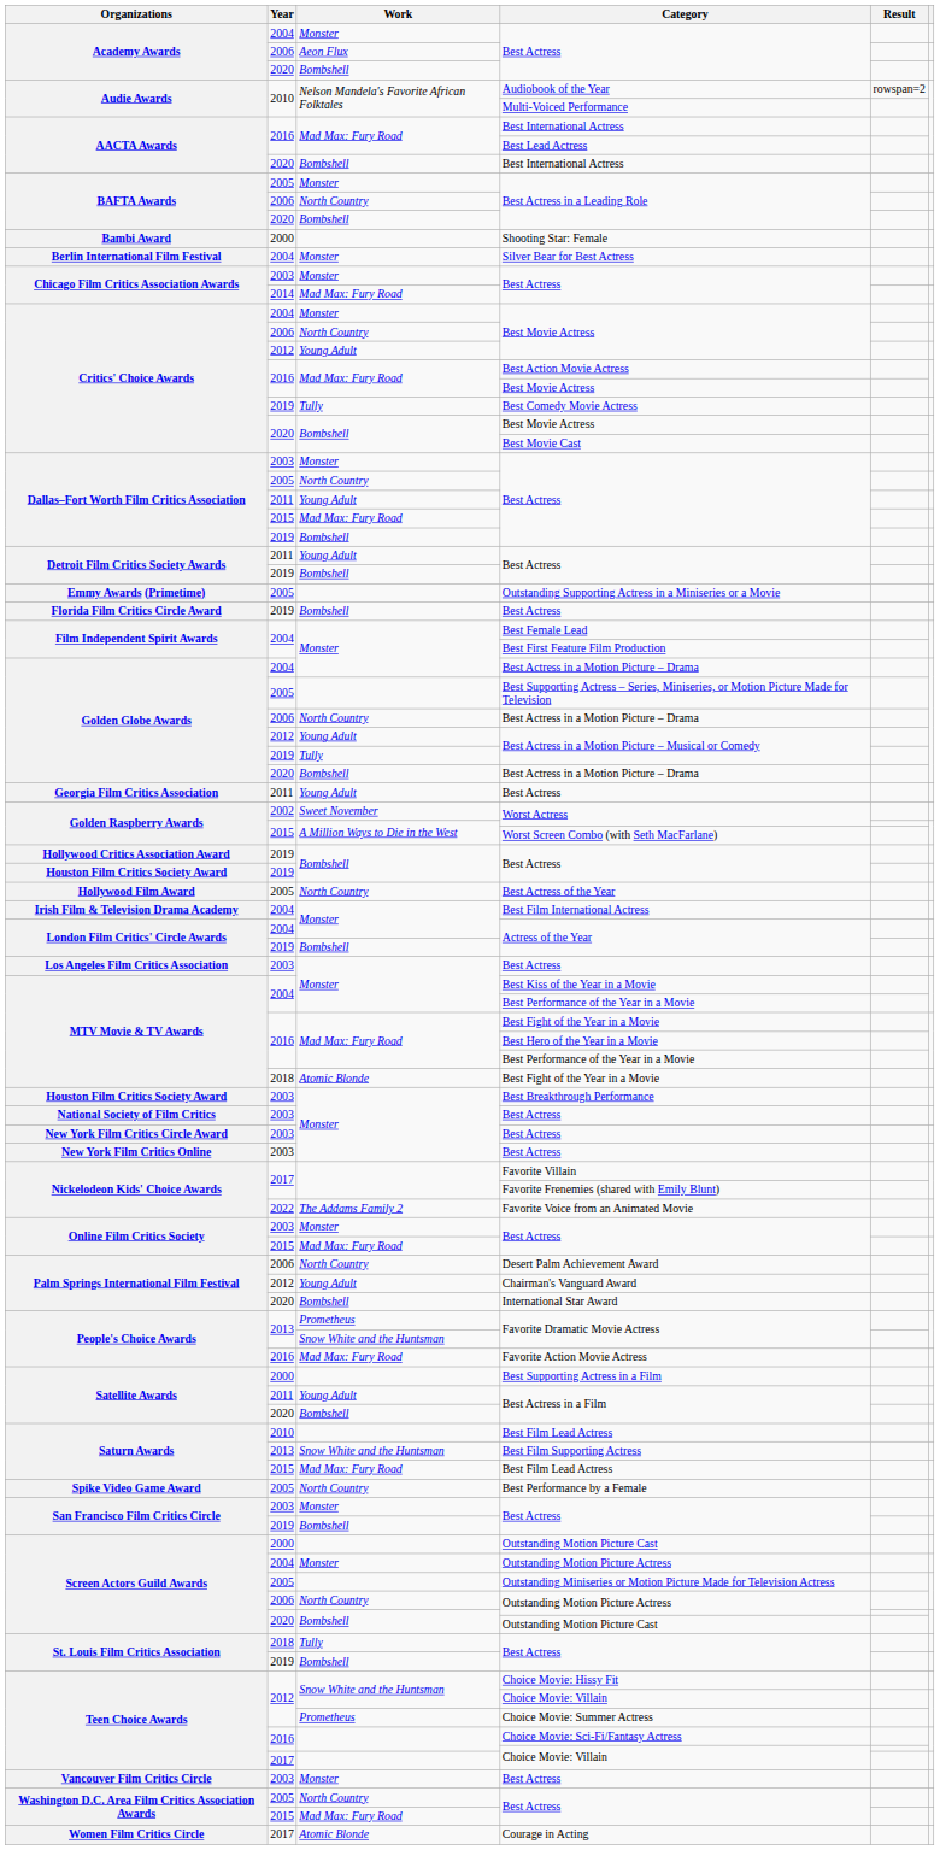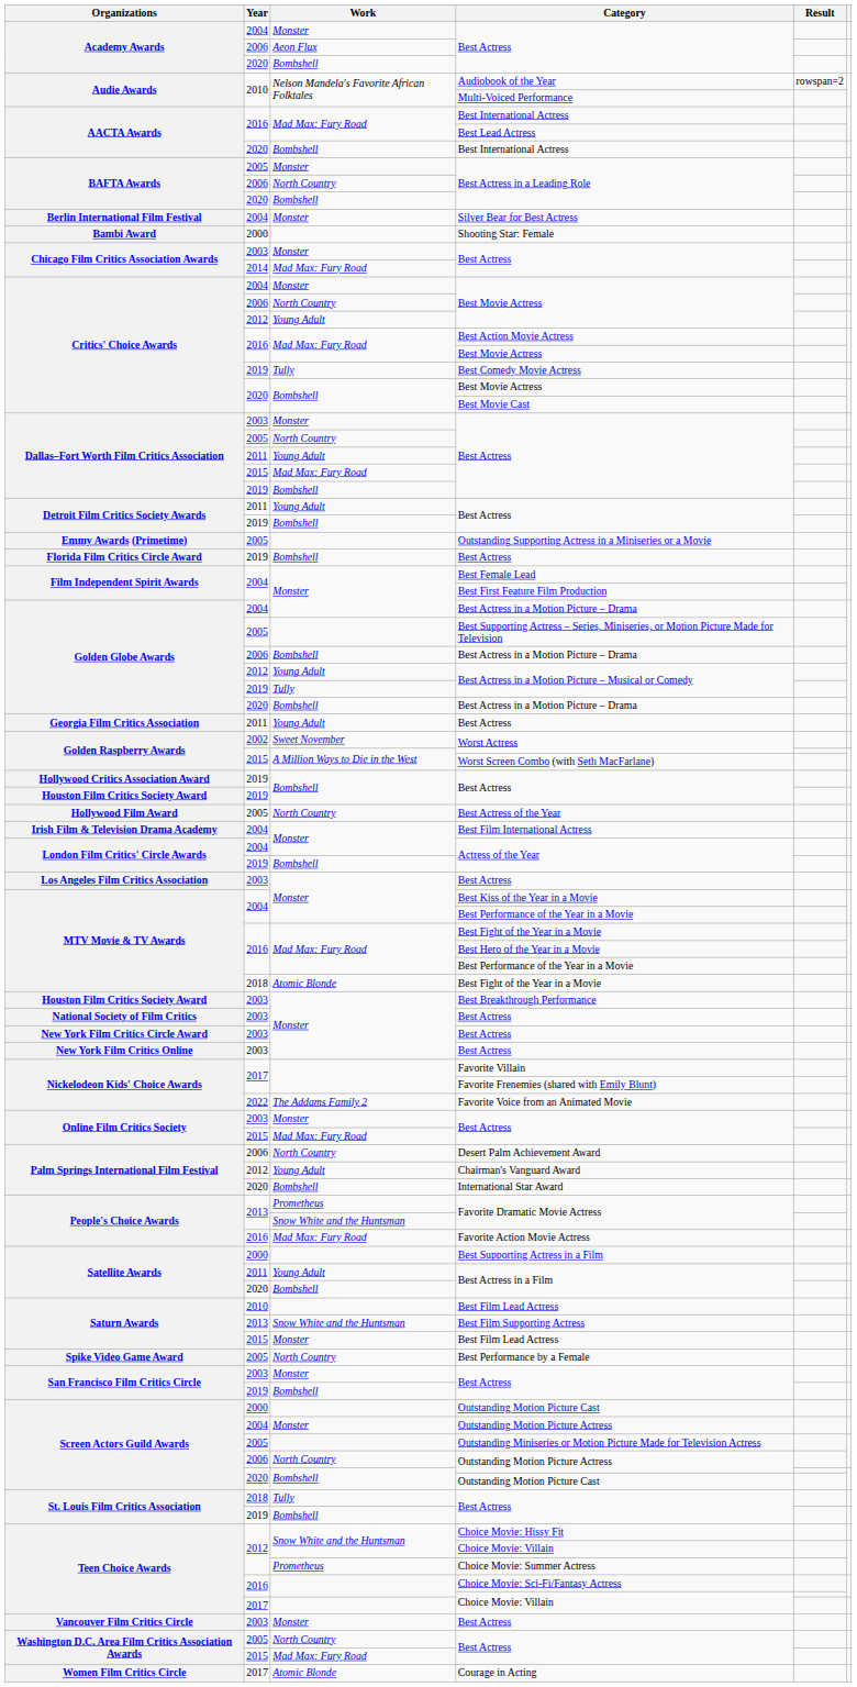 <table class="wikitable sortable plainrowheaders" style="width: 100%;">
 <tr>
 <th scope="col">Organizations</th>
 <th scope="col">Year</th>
 <th scope="col">Work</th>
 <th scope="col">Category</th>
 <th scope="col">Result</th>
 <th scope="col" class="unsortable"></th>
 </tr>
 <tr>
 <th rowspan="3" scope="row"><a href='#'>Academy Awards</a> </th>
 <td><a href='#'>2004</a></td>
 <td><em><a href='#'>Monster</a></em></td>
 <td rowspan="3"><a href='#'>Best Actress</a></td>
 <td></td>
 <td style="text-align:center;"></td>
 </tr>
 <tr>
 <td><a href='#'>2006</a></td>
 <td><em><a href='#'>Aeon Flux</a></em></td>
 <td></td>
 <td style="text-align:center;"></td>
 </tr>
 <tr>
 <td><a href='#'>2020</a></td>
 <td><em><a href='#'>Bombshell</a></em></td>
 <td></td>
 <td style="text-align:center;"></td>
 </tr>
 <tr>
 <th scope="row" rowspan="2"><a href='#'>Audie Awards</a></th>
 <td rowspan=2>2010</td>
 <td rowspan=2><em>Nelson Mandela's Favorite African Folktales</em></td>
 <td><a href='#'>Audiobook of the Year</a></td>
 <td>rowspan=2 </td>
 <td style="text-align:center;" rowspan=2><br></td>
 </tr>
 <tr>
 <td><a href='#'>Multi-Voiced Performance</a></td>
 </tr>
 <tr>
 <th rowspan="3" scope="row"><a href='#'>AACTA Awards</a></th>
 <td rowspan="2"><a href='#'>2016</a></td>
 <td rowspan="2"><em><a href='#'>Mad Max: Fury Road</a></em></td>
 <td><a href='#'>Best International Actress</a></td>
 <td></td>
 <td rowspan="2" style="text-align:center;"><br></td>
 </tr>
 <tr>
 <td><a href='#'>Best Lead Actress</a></td>
 <td></td>
 </tr>
 <tr>
 <td><a href='#'>2020</a></td>
 <td><em><a href='#'>Bombshell</a></em></td>
 <td>Best International Actress</td>
 <td></td>
 <td style="text-align:center;"></td>
 </tr>
 <tr>
 <th rowspan="3" scope="row"><a href='#'>BAFTA Awards</a> </th>
 <td><a href='#'>2005</a></td>
 <td><em><a href='#'>Monster</a></em></td>
 <td rowspan="3"><a href='#'>Best Actress in a Leading Role</a></td>
 <td></td>
 <td style="text-align:center;"></td>
 </tr>
 <tr>
 <td><a href='#'>2006</a></td>
 <td><em><a href='#'>North Country</a></em></td>
 <td></td>
 <td style="text-align:center;"></td>
 </tr>
 <tr>
 <td><a href='#'>2020</a></td>
 <td><em><a href='#'>Bombshell</a></em></td>
 <td></td>
 <td style="text-align:center;"></td>
 </tr>
 <tr>
+<th scope="row"><a href='#'>Berlin International Film Festival</a></th>
+<td><a href='#'>2004</a></td>
+<td><em><a href='#'>Monster</a></em></td>
+<td><a href='#'>Silver Bear for Best Actress</a></td>
+<td></td>
+<td style="text-align:center;"></td>
+</tr>
+<tr>
 <th scope="row"><a href='#'>Bambi Award</a></th>
 <td>2000</td>
 <td><em></em></td>
 <td>Shooting Star: Female</td>
-<td></td>
-<td style="text-align:center;"></td>
-</tr>
-<tr>
-<th scope="row"><a href='#'>Berlin International Film Festival</a></th>
-<td><a href='#'>2004</a></td>
-<td><em><a href='#'>Monster</a></em></td>
-<td><a href='#'>Silver Bear for Best Actress</a></td>
 <td></td>
 <td style="text-align:center;"></td>
 </tr>
 <tr>
 <th rowspan="2" scope="row"><a href='#'>Chicago Film Critics Association Awards</a> </th>
 <td><a href='#'>2003</a></td>
 <td><em><a href='#'>Monster</a></em></td>
 <td rowspan="2"><a href='#'>Best Actress</a></td>
 <td></td>
 <td style="text-align:center;"></td>
 </tr>
 <tr>
 <td><a href='#'>2014</a></td>
 <td><em><a href='#'>Mad Max: Fury Road</a></em></td>
 <td></td>
 <td style="text-align:center;"></td>
 </tr>
 <tr>
 <th rowspan="8" scope="row"><a href='#'>Critics' Choice Awards</a></th>
 <td><a href='#'>2004</a></td>
 <td><em><a href='#'>Monster</a></em></td>
 <td rowspan="3"><a href='#'>Best Movie Actress</a></td>
 <td></td>
 <td style="text-align:center;"></td>
 </tr>
 <tr>
 <td><a href='#'>2006</a></td>
 <td><em><a href='#'>North Country</a></em></td>
 <td></td>
 <td style="text-align:center;"></td>
 </tr>
 <tr>
 <td><a href='#'>2012</a></td>
 <td><em><a href='#'>Young Adult</a></em></td>
 <td></td>
 <td style="text-align:center;"></td>
 </tr>
 <tr>
 <td rowspan="2"><a href='#'>2016</a></td>
 <td rowspan="2"><em><a href='#'>Mad Max: Fury Road</a></em></td>
 <td><a href='#'>Best Action Movie Actress</a></td>
 <td></td>
 <td style="text-align:center;" rowspan=2></td>
 </tr>
 <tr>
 <td rowspan=1><a href='#'>Best Movie Actress</a></td>
 <td></td>
 </tr>
 <tr>
 <td><a href='#'>2019</a></td>
 <td><em><a href='#'>Tully</a></em></td>
 <td><a href='#'>Best Comedy Movie Actress</a></td>
 <td></td>
 <td style="text-align:center;"></td>
 </tr>
 <tr>
 <td rowspan="2"><a href='#'>2020</a></td>
 <td rowspan="2"><em><a href='#'>Bombshell</a></em></td>
 <td>Best Movie Actress</td>
 <td></td>
 <td rowspan="2" style="text-align:center;"></td>
 </tr>
 <tr>
 <td><a href='#'>Best Movie Cast</a></td>
 <td></td>
 </tr>
 <tr>
 <th rowspan="5" scope="row"><a href='#'>Dallas–Fort Worth Film Critics Association</a> </th>
 <td><a href='#'>2003</a></td>
 <td><em><a href='#'>Monster</a></em></td>
 <td rowspan="5"><a href='#'>Best Actress</a></td>
 <td></td>
 <td style="text-align:center;"></td>
 </tr>
 <tr>
 <td><a href='#'>2005</a></td>
 <td><em><a href='#'>North Country</a></em></td>
 <td></td>
 <td style="text-align:center;"></td>
 </tr>
 <tr>
 <td><a href='#'>2011</a></td>
 <td><em><a href='#'>Young Adult</a></em></td>
 <td></td>
 <td style="text-align:center;"></td>
 </tr>
 <tr>
 <td><a href='#'>2015</a></td>
 <td><em><a href='#'>Mad Max: Fury Road</a></em></td>
 <td></td>
 <td style="text-align:center;"></td>
 </tr>
 <tr>
 <td><a href='#'>2019</a></td>
 <td><em><a href='#'>Bombshell</a></em></td>
 <td></td>
 <td style="text-align:center;"></td>
 </tr>
 <tr>
 <th rowspan="2" scope="row"><a href='#'>Detroit Film Critics Society Awards</a></th>
 <td>2011</td>
 <td><em><a href='#'>Young Adult</a></em></td>
 <td rowspan="2">Best Actress</td>
 <td></td>
 <td style="text-align:center;"></td>
 </tr>
 <tr>
 <td>2019</td>
 <td><em><a href='#'>Bombshell</a></em></td>
 <td></td>
 <td style="text-align:center;"></td>
 </tr>
 <tr>
 <th scope="row"><a href='#'>Emmy Awards</a> <a href='#'>(Primetime)</a></th>
 <td><a href='#'>2005</a></td>
 <td><em></em></td>
 <td><a href='#'>Outstanding Supporting Actress in a Miniseries or a Movie</a></td>
 <td></td>
 <td style="text-align:center;"></td>
 </tr>
 <tr>
 <th scope="row"><a href='#'>Florida Film Critics Circle Award</a> </th>
 <td>2019</td>
 <td><em><a href='#'>Bombshell</a></em></td>
 <td><a href='#'>Best Actress</a></td>
 <td></td>
 <td style="text-align:center;"></td>
 </tr>
 <tr>
 <th rowspan="2" scope="row"><a href='#'>Film Independent Spirit Awards</a></th>
 <td rowspan="2"><a href='#'>2004</a></td>
 <td rowspan="3"><em><a href='#'>Monster</a></em></td>
 <td><a href='#'>Best Female Lead</a></td>
 <td></td>
 <td rowspan="2" style="text-align:center;"></td>
 </tr>
 <tr>
 <td><a href='#'>Best First Feature Film Production</a></td>
 <td></td>
 </tr>
 <tr>
 <th rowspan="6" scope="row"><a href='#'>Golden Globe Awards</a> </th>
 <td><a href='#'>2004</a></td>
 <td><a href='#'>Best Actress in a Motion Picture – Drama</a></td>
 <td></td>
 <td rowspan="6" style="text-align:center;"></td>
 </tr>
 <tr>
 <td><a href='#'>2005</a></td>
 <td><em></em></td>
 <td><a href='#'>Best Supporting Actress – Series, Miniseries, or Motion Picture Made for Television</a></td>
 <td></td>
 </tr>
 <tr>
 <td><a href='#'>2006</a></td>
-<td><em><a href='#'>North Country</a></em></td>
+<td><em><a href='#'>Bombshell</a></em></td>
 <td>Best Actress in a Motion Picture – Drama</td>
 <td></td>
 </tr>
 <tr>
 <td><a href='#'>2012</a></td>
 <td><em><a href='#'>Young Adult</a></em></td>
 <td rowspan="2"><a href='#'>Best Actress in a Motion Picture – Musical or Comedy</a></td>
 <td></td>
 </tr>
 <tr>
 <td><a href='#'>2019</a></td>
 <td><em><a href='#'>Tully</a></em></td>
 <td></td>
 </tr>
 <tr>
 <td><a href='#'>2020</a></td>
 <td><em><a href='#'>Bombshell</a></em></td>
 <td>Best Actress in a Motion Picture – Drama</td>
 <td></td>
 </tr>
 <tr>
 <th scope="row"><a href='#'>Georgia Film Critics Association</a></th>
 <td>2011</td>
 <td><em><a href='#'>Young Adult</a></em></td>
 <td>Best Actress</td>
 <td></td>
 <td style="text-align:center;"></td>
 </tr>
 <tr>
 <th rowspan="3" scope="row"><a href='#'>Golden Raspberry Awards</a></th>
 <td><a href='#'>2002</a></td>
 <td><em><a href='#'>Sweet November</a></em></td>
 <td rowspan="2"><a href='#'>Worst Actress</a></td>
 <td></td>
 <td style="text-align:center;"></td>
 </tr>
 <tr>
 <td rowspan="2"><a href='#'>2015</a></td>
 <td rowspan="2"><em><a href='#'>A Million Ways to Die in the West</a></em></td>
 <td></td>
 <td rowspan="2" style="text-align:center;"></td>
 </tr>
 <tr>
 <td><a href='#'>Worst Screen Combo</a> (with <a href='#'>Seth MacFarlane</a>)</td>
 <td></td>
 </tr>
 <tr>
 <th scope="row"><a href='#'>Hollywood Critics Association Award</a> </th>
 <td>2019</td>
 <td rowspan="2"><em><a href='#'>Bombshell</a></em></td>
 <td rowspan="2">Best Actress</td>
 <td></td>
 <td style="text-align:center;"></td>
 </tr>
 <tr>
 <th scope="row"><a href='#'>Houston Film Critics Society Award</a></th>
 <td><a href='#'>2019</a></td>
 <td></td>
 <td style="text-align:center;"></td>
 </tr>
 <tr>
 <th scope="row"><a href='#'>Hollywood Film Award</a></th>
 <td>2005</td>
 <td><em><a href='#'>North Country</a></em></td>
 <td><a href='#'>Best Actress of the Year</a></td>
 <td></td>
 <td style="text-align:center;"></td>
 </tr>
 <tr>
 <th scope="row"><a href='#'>Irish Film & Television Drama Academy</a></th>
 <td><a href='#'>2004</a></td>
 <td rowspan="2"><em><a href='#'>Monster</a></em></td>
 <td><a href='#'>Best Film International Actress</a></td>
 <td></td>
 <td style="text-align:center;"></td>
 </tr>
 <tr>
 <th rowspan="2" scope="row"><a href='#'>London Film Critics' Circle Awards</a> </th>
 <td><a href='#'>2004</a></td>
 <td rowspan="2"><a href='#'>Actress of the Year</a></td>
 <td></td>
 <td style="text-align:center;"></td>
 </tr>
 <tr>
 <td><a href='#'>2019</a></td>
 <td><em><a href='#'>Bombshell</a></em></td>
 <td></td>
 <td style="text-align:center;"></td>
 </tr>
 <tr>
 <th scope="row"><a href='#'>Los Angeles Film Critics Association</a></th>
 <td><a href='#'>2003</a></td>
 <td rowspan="3"><em><a href='#'>Monster</a></em></td>
 <td><a href='#'>Best Actress</a></td>
 <td></td>
 <td style="text-align:center;"></td>
 </tr>
 <tr>
 <th rowspan="6" scope="row"><a href='#'>MTV Movie & TV Awards</a> </th>
 <td rowspan="2"><a href='#'>2004</a></td>
 <td><a href='#'>Best Kiss of the Year in a Movie</a></td>
 <td></td>
 <td rowspan="2" style="text-align:center;"></td>
 </tr>
 <tr>
 <td><a href='#'>Best Performance of the Year in a Movie</a></td>
 <td></td>
 </tr>
 <tr>
 <td rowspan="3"><a href='#'>2016</a></td>
 <td rowspan="3"><em><a href='#'>Mad Max: Fury Road</a></em></td>
 <td><a href='#'>Best Fight of the Year in a Movie</a></td>
 <td></td>
 <td rowspan="3" style="text-align:center;"></td>
 </tr>
 <tr>
 <td><a href='#'>Best Hero of the Year in a Movie</a></td>
 <td></td>
 </tr>
 <tr>
 <td>Best Performance of the Year in a Movie</td>
 <td></td>
 </tr>
 <tr>
 <td>2018</td>
 <td><em><a href='#'>Atomic Blonde</a></em></td>
 <td>Best Fight of the Year in a Movie</td>
 <td></td>
 <td style="text-align:center;"></td>
 </tr>
 <tr>
 <th scope="row"><a href='#'>Houston Film Critics Society Award</a></th>
 <td><a href='#'>2003</a></td>
 <td rowspan="4"><em><a href='#'>Monster</a></em></td>
 <td><a href='#'>Best Breakthrough Performance</a></td>
 <td></td>
 <td style="text-align:center;"></td>
 </tr>
 <tr>
 <th scope="row"><a href='#'>National Society of Film Critics</a></th>
 <td><a href='#'>2003</a></td>
 <td><a href='#'>Best Actress</a></td>
 <td></td>
 <td style="text-align:center;"></td>
 </tr>
 <tr>
 <th scope="row"><a href='#'>New York Film Critics Circle Award</a></th>
 <td><a href='#'>2003</a></td>
 <td><a href='#'>Best Actress</a></td>
 <td></td>
 <td style="text-align:center;"></td>
 </tr>
 <tr>
 <th scope="row"><a href='#'>New York Film Critics Online</a></th>
 <td>2003</td>
 <td><a href='#'>Best Actress</a></td>
 <td></td>
 <td style="text-align:center;"></td>
 </tr>
 <tr>
 <th rowspan="3" scope="row"><a href='#'>Nickelodeon Kids' Choice Awards</a></th>
 <td rowspan="2"><a href='#'>2017</a></td>
 <td rowspan="2"><em></em></td>
 <td>Favorite Villain</td>
 <td></td>
 <td style="text-align:center;" rowspan="2"></td>
 </tr>
 <tr>
 <td>Favorite Frenemies (shared with <a href='#'>Emily Blunt</a>)</td>
 <td></td>
 </tr>
 <tr>
 <td><a href='#'>2022</a></td>
 <td><em><a href='#'>The Addams Family 2</a></em></td>
 <td>Favorite Voice from an Animated Movie</td>
 <td></td>
 <td style="text-align:center;"></td>
 </tr>
 <tr>
 <th rowspan="2" scope="row"><a href='#'>Online Film Critics Society</a> </th>
 <td><a href='#'>2003</a></td>
 <td><em><a href='#'>Monster</a></em></td>
 <td rowspan="2"><a href='#'>Best Actress</a></td>
 <td></td>
 <td style="text-align:center;"></td>
 </tr>
 <tr>
 <td><a href='#'>2015</a></td>
 <td><em><a href='#'>Mad Max: Fury Road</a></em></td>
 <td></td>
 <td style="text-align:center;"></td>
 </tr>
 <tr>
 <th rowspan="3" scope="row"><a href='#'>Palm Springs International Film Festival</a> </th>
 <td>2006</td>
 <td><em><a href='#'>North Country</a></em></td>
 <td>Desert Palm Achievement Award</td>
 <td></td>
 <td rowspan="2" style="text-align:center;"></td>
 </tr>
 <tr>
 <td>2012</td>
 <td><em><a href='#'>Young Adult</a></em></td>
 <td>Chairman's Vanguard Award</td>
 <td></td>
 </tr>
 <tr>
 <td>2020</td>
 <td><em><a href='#'>Bombshell</a></em></td>
 <td>International Star Award</td>
 <td></td>
 <td style="text-align:center;"></td>
 </tr>
 <tr>
 <th rowspan="3" scope="row"><a href='#'>People's Choice Awards</a></th>
 <td rowspan="2"><a href='#'>2013</a></td>
 <td><em><a href='#'>Prometheus</a></em></td>
 <td rowspan="2">Favorite Dramatic Movie Actress</td>
 <td></td>
 <td rowspan="2" style="text-align:center;"></td>
 </tr>
 <tr>
 <td><em><a href='#'>Snow White and the Huntsman</a></em></td>
 <td></td>
 </tr>
 <tr>
 <td><a href='#'>2016</a></td>
 <td><em><a href='#'>Mad Max: Fury Road</a></em></td>
 <td>Favorite Action Movie Actress</td>
 <td></td>
 <td style="text-align:center;"></td>
 </tr>
 <tr>
 <th rowspan="3" scope="row"><a href='#'>Satellite Awards</a> </th>
 <td><a href='#'>2000</a></td>
 <td><em></em></td>
 <td><a href='#'>Best Supporting Actress in a Film</a></td>
 <td></td>
 <td style="text-align:center;"></td>
 </tr>
 <tr>
 <td><a href='#'>2011</a></td>
 <td><em><a href='#'>Young Adult</a></em></td>
 <td rowspan=2>Best Actress in a Film</td>
 <td></td>
 <td style="text-align:center;"></td>
 </tr>
 <tr>
 <td>2020</td>
 <td><em><a href='#'>Bombshell</a></em></td>
 <td></td>
 <td style="text-align:center;"></td>
 </tr>
 <tr>
 <th rowspan="3" scope="row"><a href='#'>Saturn Awards</a></th>
 <td><a href='#'>2010</a></td>
 <td><em></em></td>
 <td><a href='#'>Best Film Lead Actress</a></td>
 <td></td>
 <td style="text-align:center;"></td>
 </tr>
 <tr>
 <td><a href='#'>2013</a></td>
 <td><em><a href='#'>Snow White and the Huntsman</a></em></td>
 <td><a href='#'>Best Film Supporting Actress</a></td>
 <td></td>
 <td style="text-align:center;"></td>
 </tr>
 <tr>
 <td><a href='#'>2015</a></td>
-<td><em><a href='#'>Mad Max: Fury Road</a></em></td>
+<td><em><a href='#'>Monster</a></em></td>
 <td>Best Film Lead Actress</td>
 <td></td>
 <td style="text-align:center;"></td>
 </tr>
 <tr>
 <th scope="row"><a href='#'>Spike Video Game Award</a></th>
 <td><a href='#'>2005</a></td>
 <td><em><a href='#'>North Country</a></em></td>
 <td>Best Performance by a Female</td>
 <td></td>
 <td style="text-align:center;"></td>
 </tr>
 <tr>
 <th rowspan="2" scope="row"><a href='#'>San Francisco Film Critics Circle</a></th>
 <td><a href='#'>2003</a></td>
 <td><em><a href='#'>Monster</a></em></td>
 <td rowspan="2"><a href='#'>Best Actress</a></td>
 <td></td>
 <td style="text-align:center;"></td>
 </tr>
 <tr>
 <td><a href='#'>2019</a></td>
 <td><em><a href='#'>Bombshell</a></em></td>
 <td></td>
 <td style="text-align:center;"></td>
 </tr>
 <tr>
 <th rowspan="6" scope="row"><a href='#'>Screen Actors Guild Awards</a></th>
 <td><a href='#'>2000</a></td>
 <td><em></em></td>
 <td><a href='#'>Outstanding Motion Picture Cast</a></td>
 <td></td>
 <td style="text-align:center;"></td>
 </tr>
 <tr>
 <td><a href='#'>2004</a></td>
 <td><em><a href='#'>Monster</a></em></td>
 <td><a href='#'>Outstanding Motion Picture Actress</a></td>
 <td></td>
 <td style="text-align:center;"></td>
 </tr>
 <tr>
 <td><a href='#'>2005</a></td>
 <td><em></em></td>
 <td><a href='#'>Outstanding Miniseries or Motion Picture Made for Television Actress</a></td>
 <td></td>
 <td rowspan="2" style="text-align:center;"></td>
 </tr>
 <tr>
 <td><a href='#'>2006</a></td>
 <td><em><a href='#'>North Country</a></em></td>
 <td rowspan="2">Outstanding Motion Picture Actress</td>
 <td></td>
 </tr>
 <tr>
 <td rowspan="2"><a href='#'>2020</a></td>
 <td rowspan="2"><em><a href='#'>Bombshell</a></em></td>
 <td></td>
 <td rowspan="2" style="text-align:center;"></td>
 </tr>
 <tr>
 <td>Outstanding Motion Picture Cast</td>
 <td></td>
 </tr>
 <tr>
 <th rowspan="2" scope="row"><a href='#'>St. Louis Film Critics Association</a></th>
 <td><a href='#'>2018</a></td>
 <td><a href='#'><em>Tully</em></a></td>
 <td rowspan="2"><a href='#'>Best Actress</a></td>
 <td></td>
 <td style="text-align:center;"></td>
 </tr>
 <tr>
 <td>2019</td>
 <td><em><a href='#'>Bombshell</a></em></td>
 <td></td>
 <td style="text-align:center;"></td>
 </tr>
 <tr>
 <th rowspan="6" scope="row"><a href='#'>Teen Choice Awards</a> </th>
 <td rowspan="3"><a href='#'>2012</a></td>
 <td rowspan="2"><em><a href='#'>Snow White and the Huntsman</a></em></td>
 <td><a href='#'>Choice Movie: Hissy Fit</a></td>
 <td></td>
 <td style="text-align:center;"></td>
 </tr>
 <tr>
 <td><a href='#'>Choice Movie: Villain</a></td>
 <td></td>
 <td rowspan="2" style="text-align:center;"></td>
 </tr>
 <tr>
 <td><em><a href='#'>Prometheus</a></em></td>
 <td>Choice Movie: Summer Actress</td>
 <td></td>
 </tr>
 <tr>
 <td rowspan="2"><a href='#'>2016</a></td>
 <td rowspan="2"><em></em></td>
 <td><a href='#'>Choice Movie: Sci-Fi/Fantasy Actress</a></td>
 <td></td>
 <td rowspan="2" style="text-align:center;"></td>
 </tr>
 <tr>
 <td rowspan="2">Choice Movie: Villain</td>
 <td></td>
 </tr>
 <tr>
 <td><a href='#'>2017</a></td>
 <td><em></em></td>
 <td></td>
 <td style="text-align:center;"></td>
 </tr>
 <tr>
 <th scope="row"><a href='#'>Vancouver Film Critics Circle</a> </th>
 <td><a href='#'>2003</a></td>
 <td><em><a href='#'>Monster</a></em></td>
 <td><a href='#'>Best Actress</a></td>
 <td></td>
 <td style="text-align:center;"></td>
 </tr>
 <tr>
 <th rowspan="2" scope="row"><a href='#'>Washington D.C. Area Film Critics Association Awards</a> </th>
 <td><a href='#'>2005</a></td>
 <td><em><a href='#'>North Country</a></em></td>
 <td rowspan="2"><a href='#'>Best Actress</a></td>
 <td></td>
 <td style="text-align:center;"></td>
 </tr>
 <tr>
 <td><a href='#'>2015</a></td>
 <td><em><a href='#'>Mad Max: Fury Road</a></em></td>
 <td></td>
 <td style="text-align:center;"></td>
 </tr>
 <tr>
 <th scope="row"><a href='#'>Women Film Critics Circle</a></th>
 <td>2017</td>
 <td><em><a href='#'>Atomic Blonde</a></em></td>
 <td>Courage in Acting</td>
 <td></td>
 <td style="text-align:center;"></td>
 </tr>
 </table>
